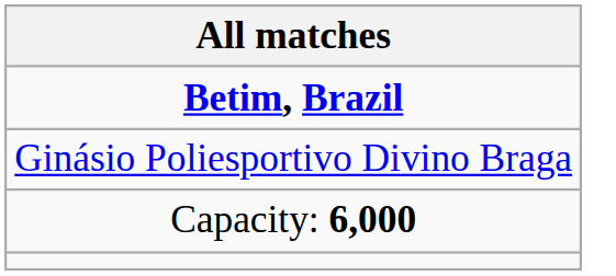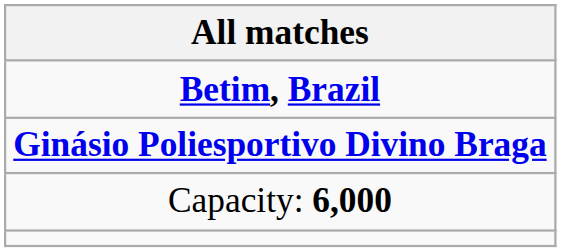 <table class="wikitable" style="text-align:center">
 <tr>
 <th>All matches</th>
 </tr>
 <tr>
 <td> <strong><a href='#'>Betim</a>, <a href='#'>Brazil</a></strong></td>
 </tr>
 <tr>
-<td><a href='#'>Ginásio Poliesportivo Divino Braga</a></td>
+<td><strong><a href='#'>Ginásio Poliesportivo Divino Braga</a></strong></td>
 </tr>
 <tr>
 <td>Capacity: <strong>6,000</strong></td>
 </tr>
 <tr>
 <td></td>
 </tr>
 </table>
